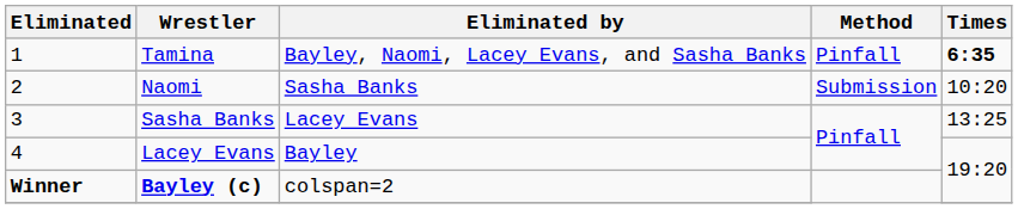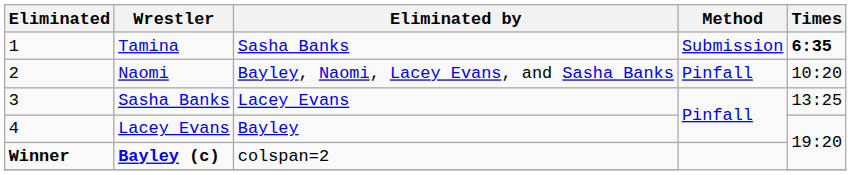 <table class="wikitable sortable">
 <tr>
 <th>Eliminated</th>
 <th>Wrestler</th>
 <th>Eliminated by</th>
 <th>Method</th>
 <th>Times</th>
 </tr>
 <tr>
 <td>1</td>
 <td><a href='#'>Tamina</a></td>
-<td><a href='#'>Bayley</a>, <a href='#'>Naomi</a>, <a href='#'>Lacey Evans</a>, and <a href='#'>Sasha Banks</a></td>
-<td><a href='#'>Pinfall</a></td>
+<td><a href='#'>Sasha Banks</a></td>
+<td><a href='#'>Submission</a></td>
 <td><strong>6:35</strong></td>
 </tr>
 <tr>
 <td>2</td>
 <td><a href='#'>Naomi</a></td>
-<td><a href='#'>Sasha Banks</a></td>
-<td><a href='#'>Submission</a></td>
+<td><a href='#'>Bayley</a>, <a href='#'>Naomi</a>, <a href='#'>Lacey Evans</a>, and <a href='#'>Sasha Banks</a></td>
+<td><a href='#'>Pinfall</a></td>
 <td>10:20</td>
 </tr>
 <tr>
 <td>3</td>
 <td><a href='#'>Sasha Banks</a></td>
 <td><a href='#'>Lacey Evans</a></td>
 <td rowspan=2><a href='#'>Pinfall</a></td>
 <td>13:25</td>
 </tr>
 <tr>
 <td>4</td>
 <td><a href='#'>Lacey Evans</a></td>
 <td><a href='#'>Bayley</a></td>
 <td rowspan=2>19:20</td>
 </tr>
 <tr>
 <td><strong>Winner</strong></td>
 <td><strong><a href='#'>Bayley</a> (c)</strong></td>
 <td>colspan=2 </td>
 </tr>
 <tr>
 </tr>
 </table>
